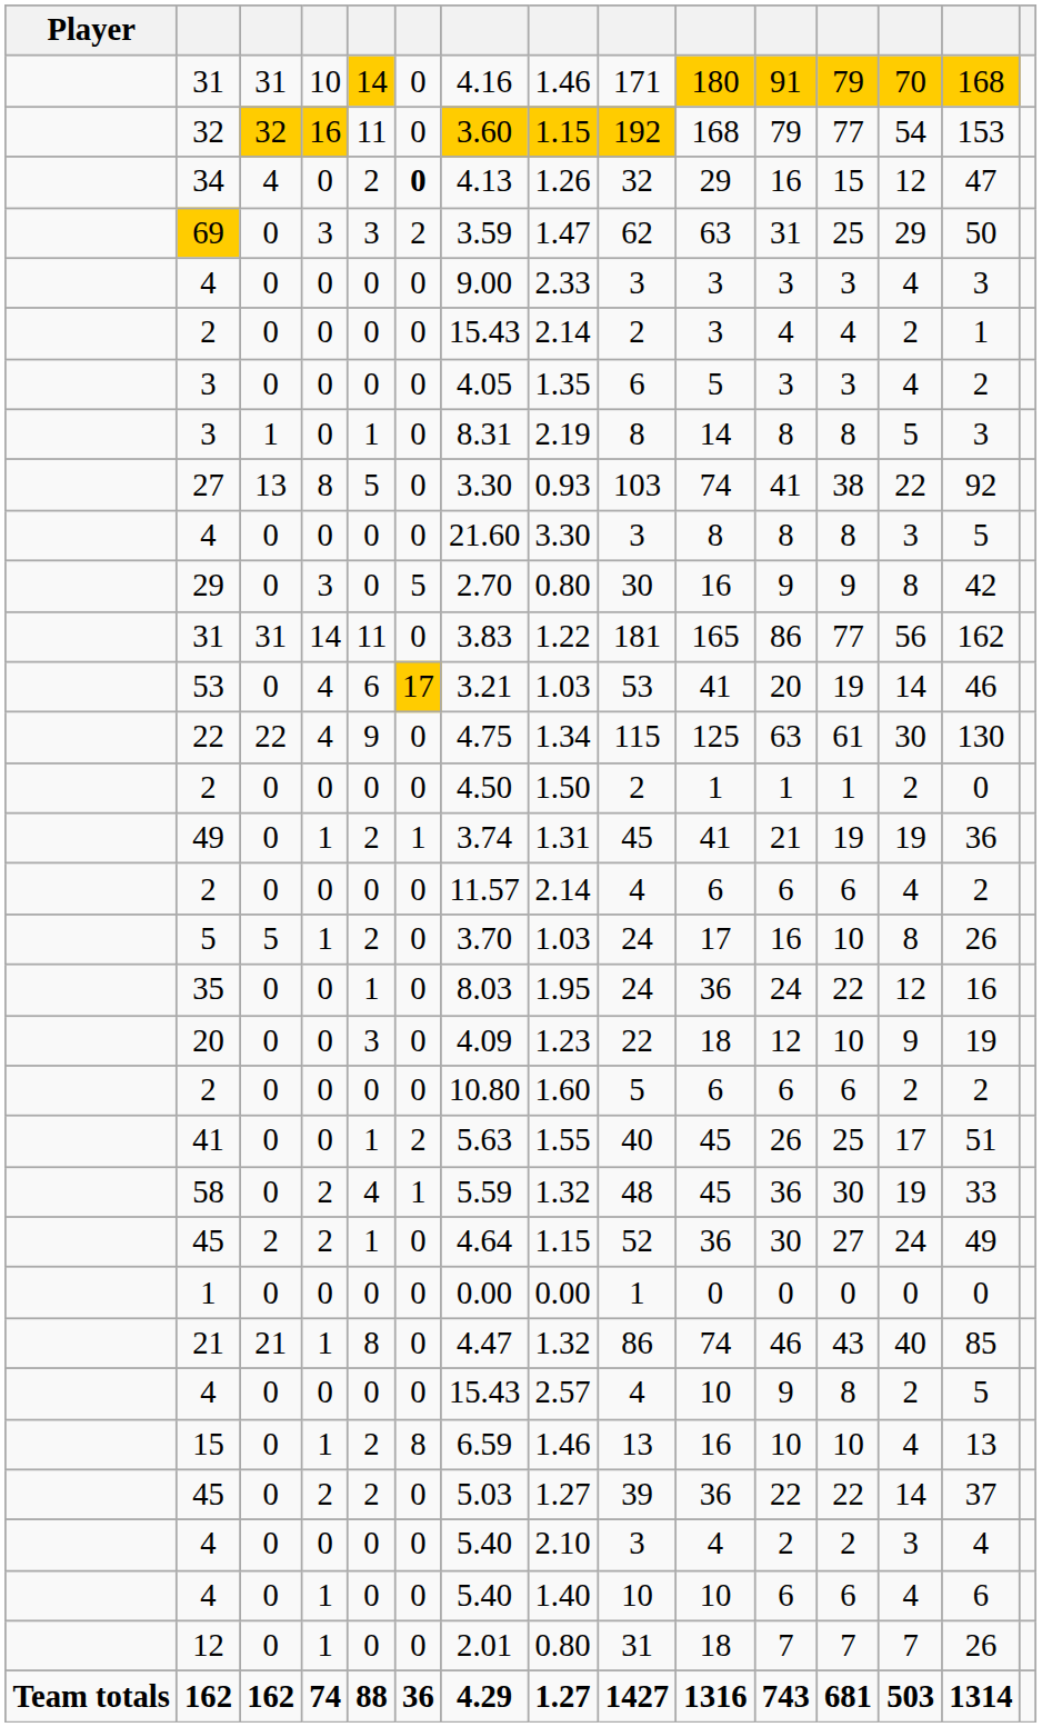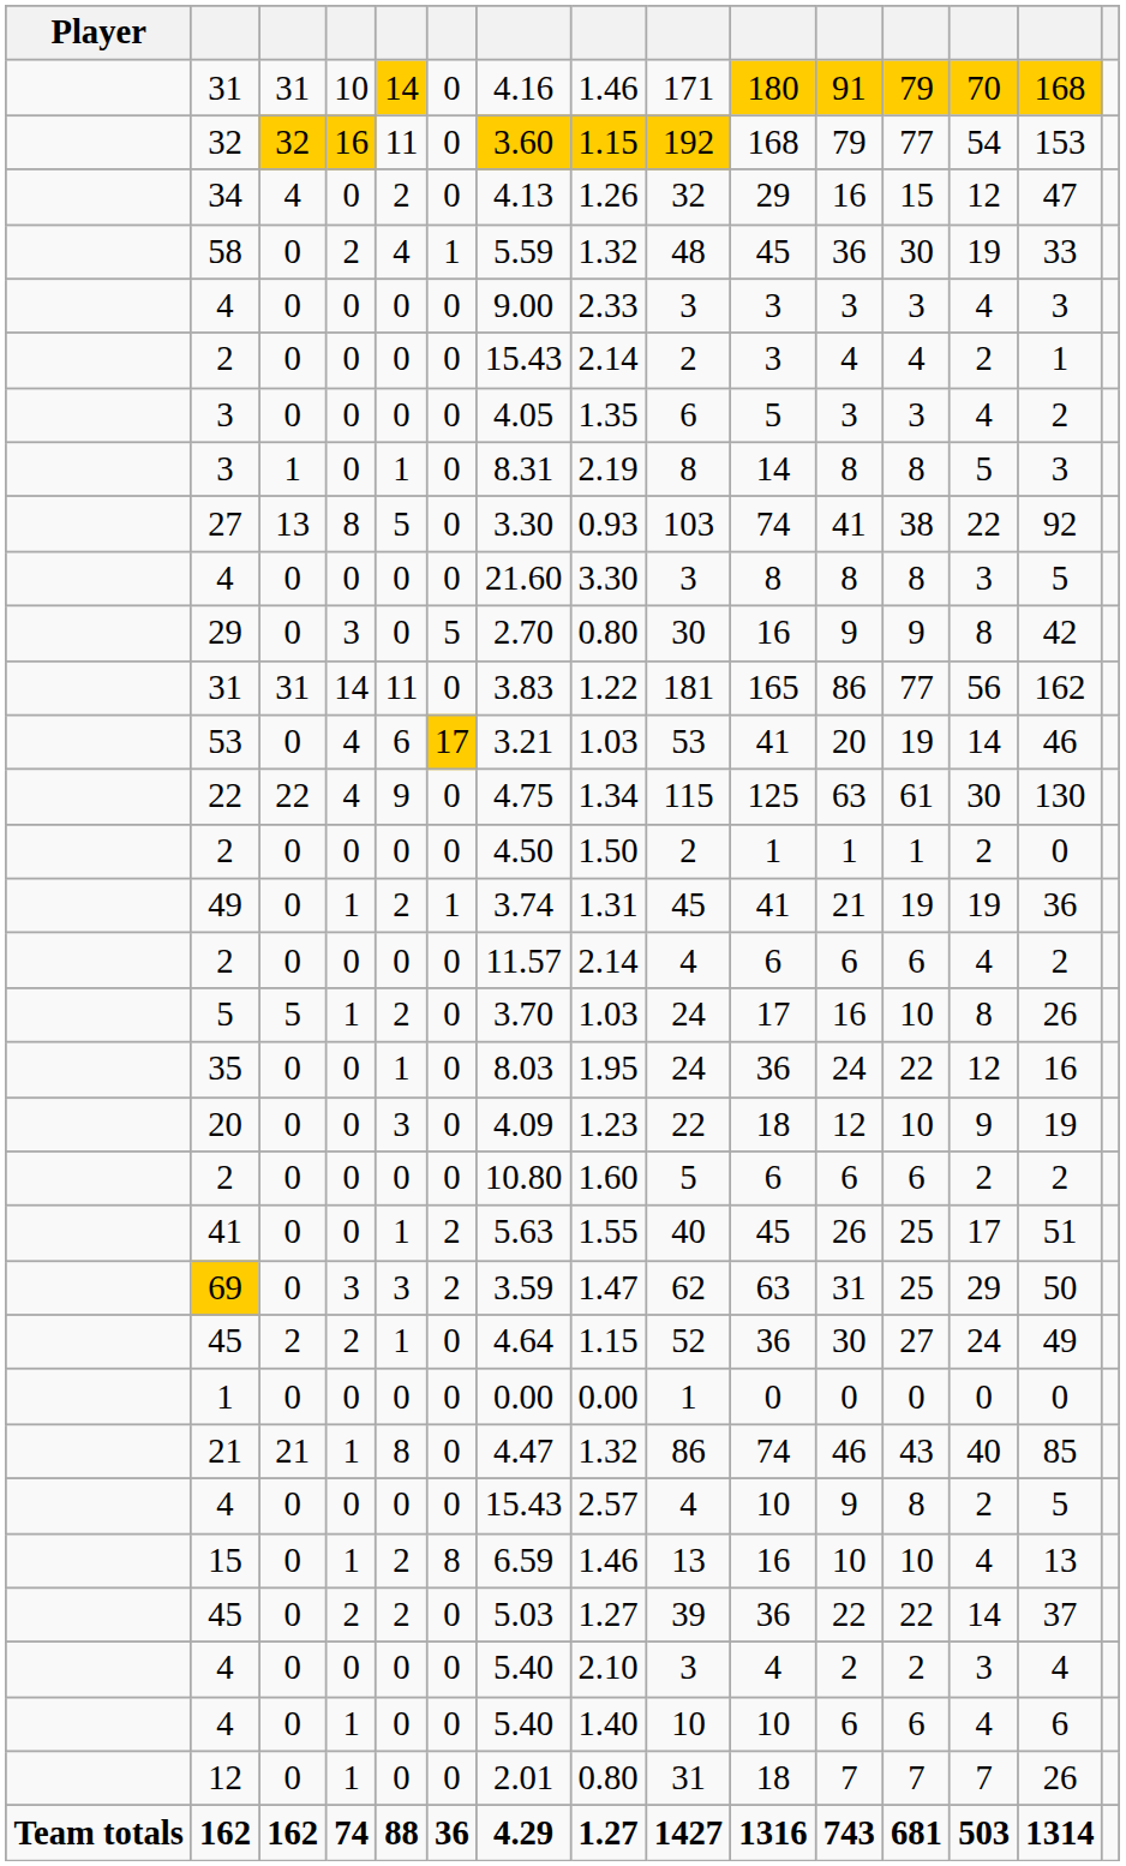 <table class="wikitable sortable">
 <tr>
 <th>Player</th>
 <th></th>
 <th></th>
 <th></th>
 <th></th>
 <th></th>
 <th></th>
 <th></th>
 <th></th>
 <th></th>
 <th></th>
 <th></th>
 <th></th>
 <th></th>
 <th></th>
 </tr>
 <tr align=center>
 <td></td>
 <td>31</td>
 <td>31</td>
 <td>10</td>
 <td bgcolor=#ffcc00>14</td>
 <td>0</td>
 <td>4.16</td>
 <td>1.46</td>
 <td>171</td>
 <td bgcolor=#ffcc00>180</td>
 <td bgcolor=#ffcc00>91</td>
 <td bgcolor=#ffcc00>79</td>
 <td bgcolor=#ffcc00>70</td>
 <td bgcolor=#ffcc00>168</td>
 <td></td>
 </tr>
 <tr align=center>
 <td></td>
 <td>32</td>
 <td bgcolor=#ffcc00>32</td>
 <td bgcolor=#ffcc00>16</td>
 <td>11</td>
 <td>0</td>
 <td bgcolor=#ffcc00>3.60</td>
 <td bgcolor=#ffcc00>1.15</td>
 <td bgcolor=#ffcc00>192</td>
 <td>168</td>
 <td>79</td>
 <td>77</td>
 <td>54</td>
 <td>153</td>
 <td></td>
 </tr>
 <tr align=center>
 <td></td>
 <td>34</td>
 <td>4</td>
 <td>0</td>
 <td>2</td>
-<td><strong>0</strong></td>
+<td>0</td>
 <td>4.13</td>
 <td>1.26</td>
 <td>32</td>
 <td>29</td>
 <td>16</td>
 <td>15</td>
 <td>12</td>
 <td>47</td>
 <td></td>
 </tr>
 <tr align=center>
 <td></td>
-<td bgcolor=#ffcc00>69</td>
+<td>58</td>
 <td>0</td>
-<td>3</td>
-<td>3</td>
 <td>2</td>
-<td>3.59</td>
-<td>1.47</td>
-<td>62</td>
-<td>63</td>
-<td>31</td>
-<td>25</td>
-<td>29</td>
-<td>50</td>
+<td>4</td>
+<td>1</td>
+<td>5.59</td>
+<td>1.32</td>
+<td>48</td>
+<td>45</td>
+<td>36</td>
+<td>30</td>
+<td>19</td>
+<td>33</td>
 <td></td>
 </tr>
 <tr align=center>
 <td></td>
 <td>4</td>
 <td>0</td>
 <td>0</td>
 <td>0</td>
 <td>0</td>
 <td>9.00</td>
 <td>2.33</td>
 <td>3</td>
 <td>3</td>
 <td>3</td>
 <td>3</td>
 <td>4</td>
 <td>3</td>
 <td></td>
 </tr>
 <tr align=center>
 <td></td>
 <td>2</td>
 <td>0</td>
 <td>0</td>
 <td>0</td>
 <td>0</td>
 <td>15.43</td>
 <td>2.14</td>
 <td>2</td>
 <td>3</td>
 <td>4</td>
 <td>4</td>
 <td>2</td>
 <td>1</td>
 <td></td>
 </tr>
 <tr align=center>
 <td></td>
 <td>3</td>
 <td>0</td>
 <td>0</td>
 <td>0</td>
 <td>0</td>
 <td>4.05</td>
 <td>1.35</td>
 <td>6</td>
 <td>5</td>
 <td>3</td>
 <td>3</td>
 <td>4</td>
 <td>2</td>
 <td></td>
 </tr>
 <tr align=center>
 <td></td>
 <td>3</td>
 <td>1</td>
 <td>0</td>
 <td>1</td>
 <td>0</td>
 <td>8.31</td>
 <td>2.19</td>
 <td>8</td>
 <td>14</td>
 <td>8</td>
 <td>8</td>
 <td>5</td>
 <td>3</td>
 <td></td>
 </tr>
 <tr align=center>
 <td></td>
 <td>27</td>
 <td>13</td>
 <td>8</td>
 <td>5</td>
 <td>0</td>
 <td>3.30</td>
 <td>0.93</td>
 <td>103</td>
 <td>74</td>
 <td>41</td>
 <td>38</td>
 <td>22</td>
 <td>92</td>
 <td></td>
 </tr>
 <tr align=center>
 <td></td>
 <td>4</td>
 <td>0</td>
 <td>0</td>
 <td>0</td>
 <td>0</td>
 <td>21.60</td>
 <td>3.30</td>
 <td>3</td>
 <td>8</td>
 <td>8</td>
 <td>8</td>
 <td>3</td>
 <td>5</td>
 <td></td>
 </tr>
 <tr align=center>
 <td></td>
 <td>29</td>
 <td>0</td>
 <td>3</td>
 <td>0</td>
 <td>5</td>
 <td>2.70</td>
 <td>0.80</td>
 <td>30</td>
 <td>16</td>
 <td>9</td>
 <td>9</td>
 <td>8</td>
 <td>42</td>
 <td></td>
 </tr>
 <tr align=center>
 <td></td>
 <td>31</td>
 <td>31</td>
 <td>14</td>
 <td>11</td>
 <td>0</td>
 <td>3.83</td>
 <td>1.22</td>
 <td>181</td>
 <td>165</td>
 <td>86</td>
 <td>77</td>
 <td>56</td>
 <td>162</td>
 <td></td>
 </tr>
 <tr align=center>
 <td></td>
 <td>53</td>
 <td>0</td>
 <td>4</td>
 <td>6</td>
 <td bgcolor=#ffcc00>17</td>
 <td>3.21</td>
 <td>1.03</td>
 <td>53</td>
 <td>41</td>
 <td>20</td>
 <td>19</td>
 <td>14</td>
 <td>46</td>
 <td></td>
 </tr>
 <tr align=center>
 <td></td>
 <td>22</td>
 <td>22</td>
 <td>4</td>
 <td>9</td>
 <td>0</td>
 <td>4.75</td>
 <td>1.34</td>
 <td>115</td>
 <td>125</td>
 <td>63</td>
 <td>61</td>
 <td>30</td>
 <td>130</td>
 <td></td>
 </tr>
 <tr align=center>
 <td></td>
 <td>2</td>
 <td>0</td>
 <td>0</td>
 <td>0</td>
 <td>0</td>
 <td>4.50</td>
 <td>1.50</td>
 <td>2</td>
 <td>1</td>
 <td>1</td>
 <td>1</td>
 <td>2</td>
 <td>0</td>
 <td></td>
 </tr>
 <tr align=center>
 <td></td>
 <td>49</td>
 <td>0</td>
 <td>1</td>
 <td>2</td>
 <td>1</td>
 <td>3.74</td>
 <td>1.31</td>
 <td>45</td>
 <td>41</td>
 <td>21</td>
 <td>19</td>
 <td>19</td>
 <td>36</td>
 <td></td>
 </tr>
 <tr align=center>
 <td></td>
 <td>2</td>
 <td>0</td>
 <td>0</td>
 <td>0</td>
 <td>0</td>
 <td>11.57</td>
 <td>2.14</td>
 <td>4</td>
 <td>6</td>
 <td>6</td>
 <td>6</td>
 <td>4</td>
 <td>2</td>
 <td></td>
 </tr>
 <tr align=center>
 <td></td>
 <td>5</td>
 <td>5</td>
 <td>1</td>
 <td>2</td>
 <td>0</td>
 <td>3.70</td>
 <td>1.03</td>
 <td>24</td>
 <td>17</td>
 <td>16</td>
 <td>10</td>
 <td>8</td>
 <td>26</td>
 <td></td>
 </tr>
 <tr align=center>
 <td></td>
 <td>35</td>
 <td>0</td>
 <td>0</td>
 <td>1</td>
 <td>0</td>
 <td>8.03</td>
 <td>1.95</td>
 <td>24</td>
 <td>36</td>
 <td>24</td>
 <td>22</td>
 <td>12</td>
 <td>16</td>
 <td></td>
 </tr>
 <tr align=center>
 <td></td>
 <td>20</td>
 <td>0</td>
 <td>0</td>
 <td>3</td>
 <td>0</td>
 <td>4.09</td>
 <td>1.23</td>
 <td>22</td>
 <td>18</td>
 <td>12</td>
 <td>10</td>
 <td>9</td>
 <td>19</td>
 <td></td>
 </tr>
 <tr align=center>
 <td></td>
 <td>2</td>
 <td>0</td>
 <td>0</td>
 <td>0</td>
 <td>0</td>
 <td>10.80</td>
 <td>1.60</td>
 <td>5</td>
 <td>6</td>
 <td>6</td>
 <td>6</td>
 <td>2</td>
 <td>2</td>
 <td></td>
 </tr>
 <tr align=center>
 <td></td>
 <td>41</td>
 <td>0</td>
 <td>0</td>
 <td>1</td>
 <td>2</td>
 <td>5.63</td>
 <td>1.55</td>
 <td>40</td>
 <td>45</td>
 <td>26</td>
 <td>25</td>
 <td>17</td>
 <td>51</td>
 <td></td>
 </tr>
 <tr align=center>
 <td></td>
-<td>58</td>
+<td bgcolor=#ffcc00>69</td>
 <td>0</td>
+<td>3</td>
+<td>3</td>
 <td>2</td>
-<td>4</td>
-<td>1</td>
-<td>5.59</td>
-<td>1.32</td>
-<td>48</td>
-<td>45</td>
-<td>36</td>
-<td>30</td>
-<td>19</td>
-<td>33</td>
+<td>3.59</td>
+<td>1.47</td>
+<td>62</td>
+<td>63</td>
+<td>31</td>
+<td>25</td>
+<td>29</td>
+<td>50</td>
 <td></td>
 </tr>
 <tr align=center>
 <td></td>
 <td>45</td>
 <td>2</td>
 <td>2</td>
 <td>1</td>
 <td>0</td>
 <td>4.64</td>
 <td>1.15</td>
 <td>52</td>
 <td>36</td>
 <td>30</td>
 <td>27</td>
 <td>24</td>
 <td>49</td>
 <td></td>
 </tr>
 <tr align=center>
 <td></td>
 <td>1</td>
 <td>0</td>
 <td>0</td>
 <td>0</td>
 <td>0</td>
 <td>0.00</td>
 <td>0.00</td>
 <td>1</td>
 <td>0</td>
 <td>0</td>
 <td>0</td>
 <td>0</td>
 <td>0</td>
 <td></td>
 </tr>
 <tr align=center>
 <td></td>
 <td>21</td>
 <td>21</td>
 <td>1</td>
 <td>8</td>
 <td>0</td>
 <td>4.47</td>
 <td>1.32</td>
 <td>86</td>
 <td>74</td>
 <td>46</td>
 <td>43</td>
 <td>40</td>
 <td>85</td>
 <td></td>
 </tr>
 <tr align=center>
 <td></td>
 <td>4</td>
 <td>0</td>
 <td>0</td>
 <td>0</td>
 <td>0</td>
 <td>15.43</td>
 <td>2.57</td>
 <td>4</td>
 <td>10</td>
 <td>9</td>
 <td>8</td>
 <td>2</td>
 <td>5</td>
 <td></td>
 </tr>
 <tr align=center>
 <td></td>
 <td>15</td>
 <td>0</td>
 <td>1</td>
 <td>2</td>
 <td>8</td>
 <td>6.59</td>
 <td>1.46</td>
 <td>13</td>
 <td>16</td>
 <td>10</td>
 <td>10</td>
 <td>4</td>
 <td>13</td>
 <td></td>
 </tr>
 <tr align=center>
 <td></td>
 <td>45</td>
 <td>0</td>
 <td>2</td>
 <td>2</td>
 <td>0</td>
 <td>5.03</td>
 <td>1.27</td>
 <td>39</td>
 <td>36</td>
 <td>22</td>
 <td>22</td>
 <td>14</td>
 <td>37</td>
 <td></td>
 </tr>
 <tr align=center>
 <td></td>
 <td>4</td>
 <td>0</td>
 <td>0</td>
 <td>0</td>
 <td>0</td>
 <td>5.40</td>
 <td>2.10</td>
 <td>3</td>
 <td>4</td>
 <td>2</td>
 <td>2</td>
 <td>3</td>
 <td>4</td>
 <td></td>
 </tr>
 <tr align=center>
 <td></td>
 <td>4</td>
 <td>0</td>
 <td>1</td>
 <td>0</td>
 <td>0</td>
 <td>5.40</td>
 <td>1.40</td>
 <td>10</td>
 <td>10</td>
 <td>6</td>
 <td>6</td>
 <td>4</td>
 <td>6</td>
 <td></td>
 </tr>
 <tr align=center>
 <td></td>
 <td>12</td>
 <td>0</td>
 <td>1</td>
 <td>0</td>
 <td>0</td>
 <td>2.01</td>
 <td>0.80</td>
 <td>31</td>
 <td>18</td>
 <td>7</td>
 <td>7</td>
 <td>7</td>
 <td>26</td>
 <td></td>
 </tr>
 <tr align=center>
 <td><strong>Team totals</strong></td>
 <td><strong>162</strong></td>
 <td><strong>162</strong></td>
 <td><strong>74</strong></td>
 <td><strong>88</strong></td>
 <td><strong>36</strong></td>
 <td><strong>4.29</strong></td>
 <td><strong>1.27</strong></td>
 <td><strong>1427</strong></td>
 <td><strong>1316</strong></td>
 <td><strong>743</strong></td>
 <td><strong>681</strong></td>
 <td><strong>503</strong></td>
 <td><strong>1314</strong></td>
 <td></td>
 </tr>
 </table>
